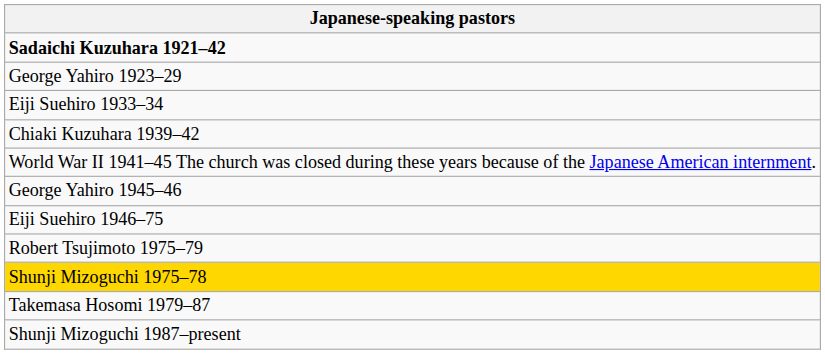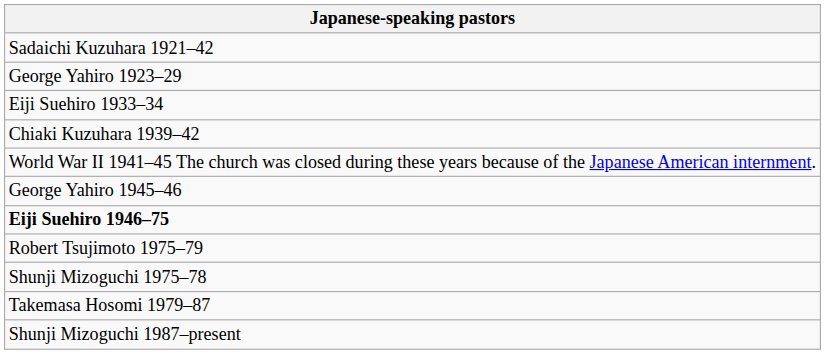 <table class="wikitable">
 <tr>
 <th>Japanese-speaking pastors</th>
 </tr>
 <tr>
-<td><strong>Sadaichi Kuzuhara 1921–42</strong></td>
+<td>Sadaichi Kuzuhara 1921–42</td>
 </tr>
 <tr>
 <td>George Yahiro 1923–29</td>
 </tr>
 <tr>
 <td>Eiji Suehiro 1933–34</td>
 </tr>
 <tr>
 <td>Chiaki Kuzuhara 1939–42</td>
 </tr>
 <tr>
 <td>World War II 1941–45 The church was closed during these years because of the <a href='#'>Japanese American internment</a>.</td>
 </tr>
 <tr>
 <td>George Yahiro 1945–46</td>
 </tr>
 <tr>
-<td>Eiji Suehiro 1946–75</td>
+<td><strong>Eiji Suehiro 1946–75</strong></td>
 </tr>
 <tr>
 <td>Robert Tsujimoto 1975–79</td>
 </tr>
 <tr>
-<td style="background: gold;">Shunji Mizoguchi 1975–78</td>
+<td>Shunji Mizoguchi 1975–78</td>
 </tr>
 <tr>
 <td>Takemasa Hosomi 1979–87</td>
 </tr>
 <tr>
 <td>Shunji Mizoguchi 1987–present</td>
 </tr>
 </table>
